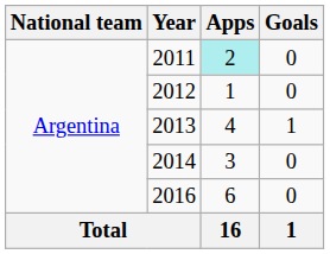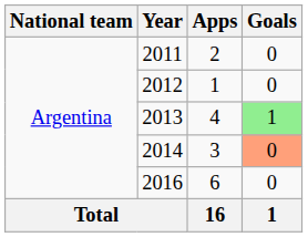 <table class="wikitable" style="text-align:center">
 <tr>
 <th>National team</th>
 <th>Year</th>
 <th>Apps</th>
 <th>Goals</th>
 </tr>
 <tr>
 <td rowspan="5"><a href='#'>Argentina</a></td>
 <td>2011</td>
-<td style="background: paleturquoise;">2</td>
+<td>2</td>
 <td>0</td>
 </tr>
 <tr>
 <td>2012</td>
 <td>1</td>
 <td>0</td>
 </tr>
 <tr>
 <td>2013</td>
 <td>4</td>
-<td>1</td>
+<td style="background: lightgreen;">1</td>
 </tr>
 <tr>
 <td>2014</td>
 <td>3</td>
-<td>0</td>
+<td style="background: lightsalmon;">0</td>
 </tr>
 <tr>
 <td>2016</td>
 <td>6</td>
 <td>0</td>
 </tr>
 <tr>
 <th colspan="2">Total</th>
 <th>16</th>
 <th>1</th>
 </tr>
 </table>
